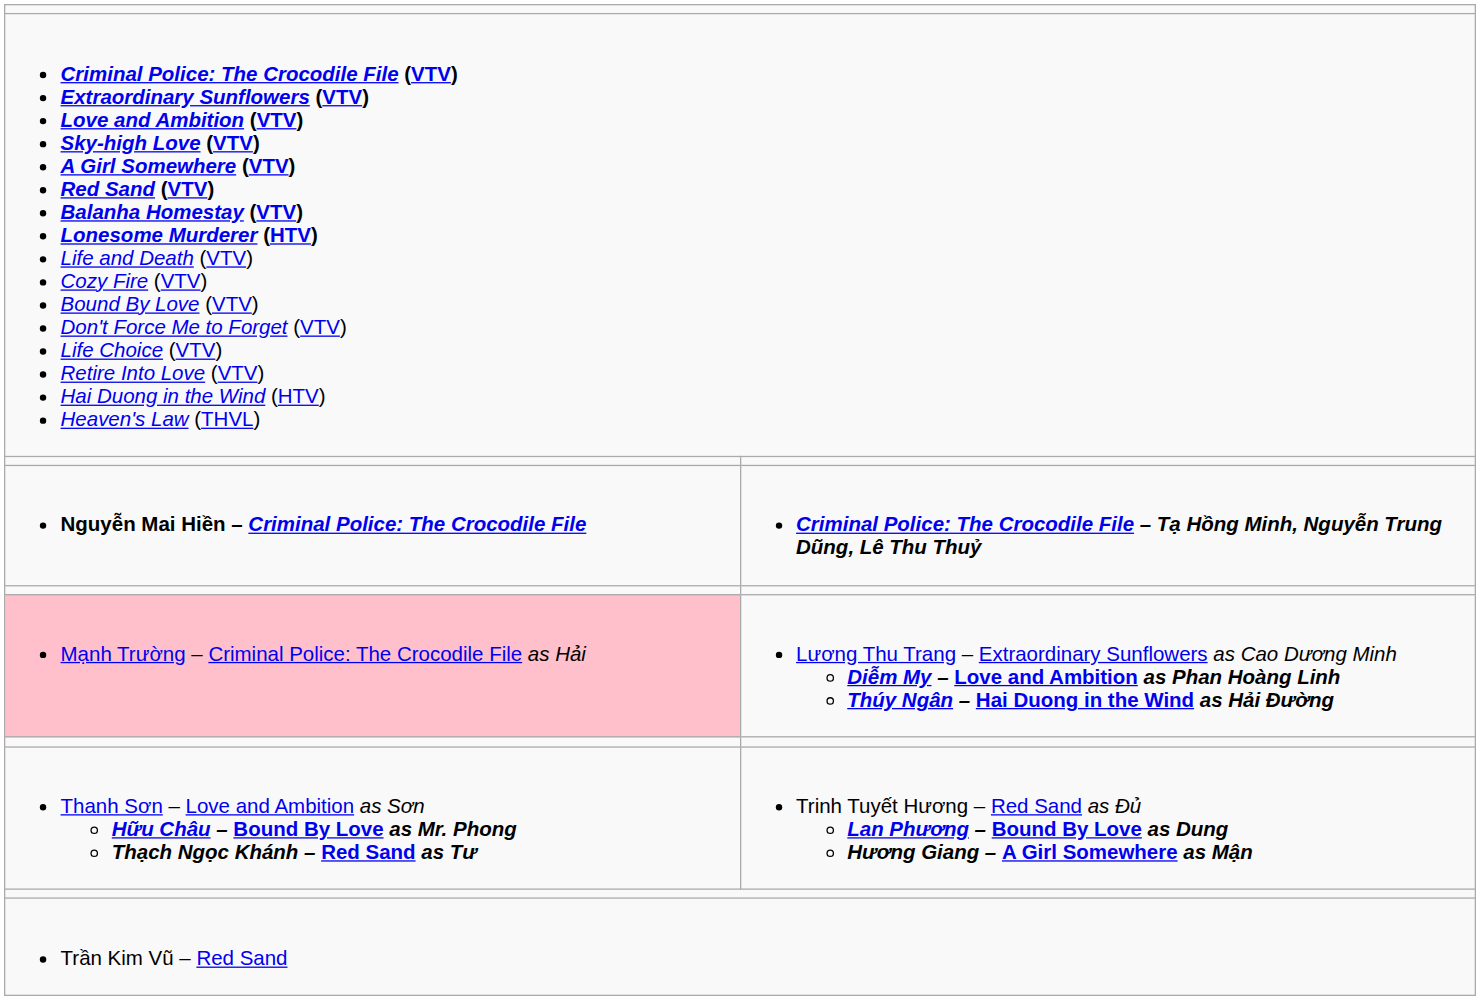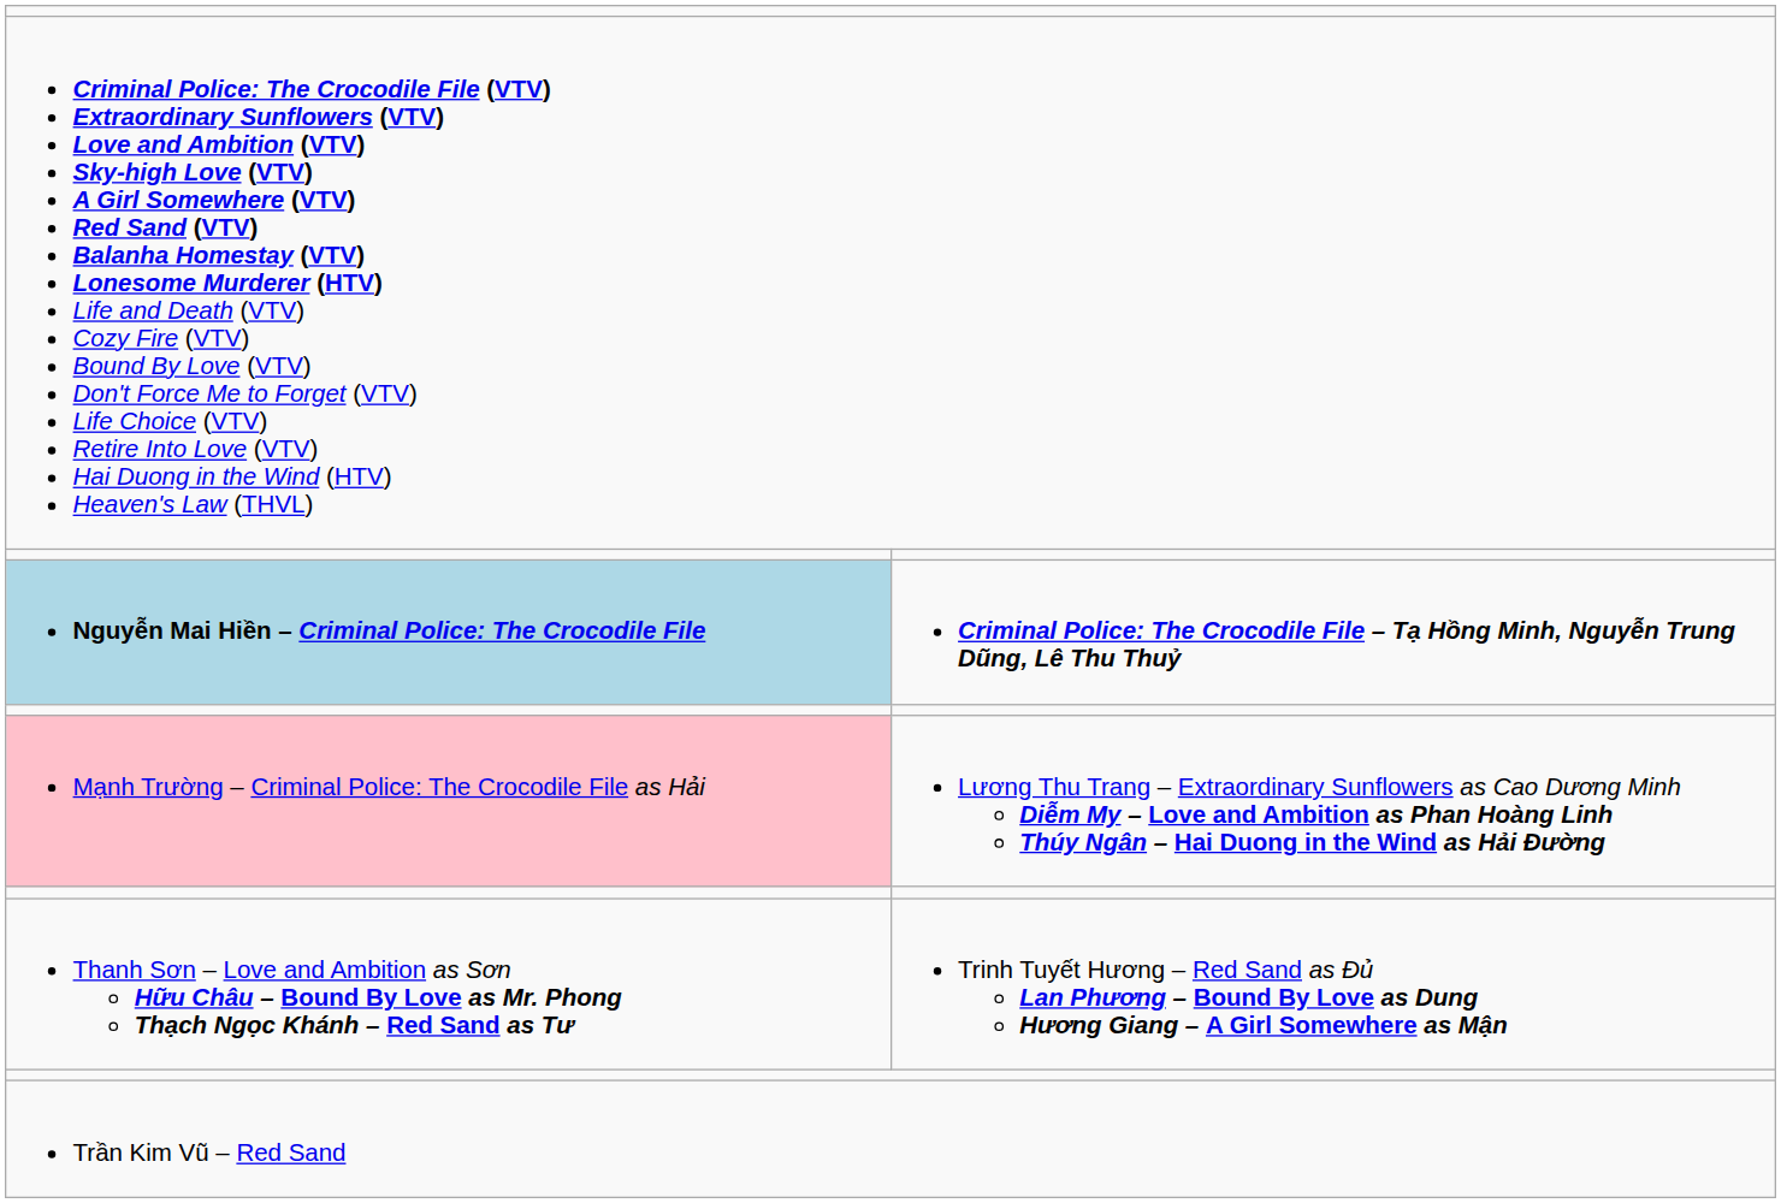 <table class="wikitable" align="center" style="width:91%">
 <tr>
 <td colspan="2" style="vertical-align:top; width:100%;"></td>
 </tr>
 <tr>
 <td colspan="2" valign="top"><br><ul><li><strong><em><span><a href='#'>Criminal Police: The Crocodile File</a></span></em></strong> <strong>(<a href='#'>VTV</a>)</strong></li><li><strong><em><span><a href='#'>Extraordinary Sunflowers</a></span></em></strong> <strong>(<a href='#'>VTV</a>)</strong></li><li><strong><em><span><a href='#'>Love and Ambition</a></span></em></strong> <strong>(<a href='#'>VTV</a>)</strong></li><li><strong><em><span><a href='#'>Sky-high Love</a></span></em></strong> <strong>(<a href='#'>VTV</a>)</strong></li><li><strong><em><span><a href='#'>A Girl Somewhere</a></span></em></strong> <strong>(<a href='#'>VTV</a>)</strong></li><li><strong><em><span><a href='#'>Red Sand</a></span></em></strong> <strong>(<a href='#'>VTV</a>)</strong></li><li><strong><em><span><a href='#'>Balanha Homestay</a></span></em></strong> <strong>(<a href='#'>VTV</a>)</strong></li><li><strong><em><span><a href='#'>Lonesome Murderer</a></span></em></strong> <strong>(<a href='#'>HTV</a>)</strong></li><li><em><a href='#'>Life and Death</a></em> (<a href='#'>VTV</a>)</li><li><em><a href='#'>Cozy Fire</a></em> (<a href='#'>VTV</a>)</li><li><em><a href='#'>Bound By Love</a></em> (<a href='#'>VTV</a>)</li><li><em><a href='#'>Don't Force Me to Forget</a></em> (<a href='#'>VTV</a>)</li><li><em><a href='#'>Life Choice</a></em> (<a href='#'>VTV</a>)</li><li><em><a href='#'>Retire Into Love</a></em> (<a href='#'>VTV</a>)</li><li><em><a href='#'>Hai Duong in the Wind</a></em> (<a href='#'>HTV</a>)</li><li><em><a href='#'>Heaven's Law</a></em> (<a href='#'>THVL</a>)</li></ul></td>
 </tr>
 <tr>
 <td style="vertical-align:top; width:50%;"></td>
 <td style="vertical-align:top; width:50%;"></td>
 </tr>
 <tr>
-<td valign="top"><br><ul><li><strong>Nguyễn Mai Hiền – <em><a href='#'>Criminal Police: The Crocodile File</a></em> </strong></li></ul></td>
+<td valign="top" style="background: lightblue;"><br><ul><li><strong>Nguyễn Mai Hiền – <em><a href='#'>Criminal Police: The Crocodile File</a></em> </strong></li></ul></td>
 <td valign="top"><br><ul><li><strong><em><a href='#'>Criminal Police: The Crocodile File</a><em> – Tạ Hồng Minh, Nguyễn Trung Dũng, Lê Thu Thuỷ <strong></li></ul></td>
 </tr>
 <tr>
 <td style="vertical-align:top; width:50%;"></td>
 <td style="vertical-align:top; width:50%;"></td>
 </tr>
 <tr>
 <td valign="top" style="background: pink;"><br><ul><li></strong><a href='#'>Mạnh Trường</a> – </em><a href='#'>Criminal Police: The Crocodile File</a><em> as Hải <strong></li></ul></td>
 <td valign="top"><br><ul><li></strong><a href='#'>Lương Thu Trang</a> – </em><a href='#'>Extraordinary Sunflowers</a><em> as Cao Dương Minh <strong><ul><li><a href='#'>Diễm My</a> – </em><a href='#'>Love and Ambition</a><em> as Phan Hoàng Linh</li><li><a href='#'>Thúy Ngân</a> – </em><a href='#'>Hai Duong in the Wind</a><em> as Hải Đường</li></ul></li></ul></td>
 </tr>
 <tr>
 <td style="vertical-align:top; width:50%;"></td>
 <td style="vertical-align:top; width:50%;"></td>
 </tr>
 <tr>
 <td valign="top"><br><ul><li></strong><a href='#'>Thanh Sơn</a> – </em><a href='#'>Love and Ambition</a><em> as Sơn <strong><ul><li><a href='#'>Hữu Châu</a> – </em><a href='#'>Bound By Love</a><em> as Mr. Phong</li><li>Thạch Ngọc Khánh – </em><a href='#'>Red Sand</a><em> as Tư</li></ul></li></ul></td>
 <td valign="top"><br><ul><li></strong>Trinh Tuyết Hương – </em><a href='#'>Red Sand</a><em> as Đủ <strong><ul><li><a href='#'>Lan Phương</a> – </em><a href='#'>Bound By Love</a><em> as Dung</li><li>Hương Giang – </em><a href='#'>A Girl Somewhere</a><em> as Mận</li></ul></li></ul></td>
 </tr>
 <tr>
 <td colspan="2" style="vertical-align:top; width:100%;"></td>
 </tr>
 <tr>
 <td colspan="2" valign="top"><br><ul><li></strong> Trần Kim Vũ – </em><a href='#'>Red Sand</a><em> <strong></li></ul></td>
 </tr>
 </table>
